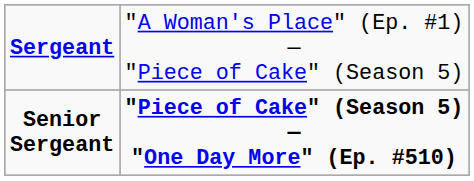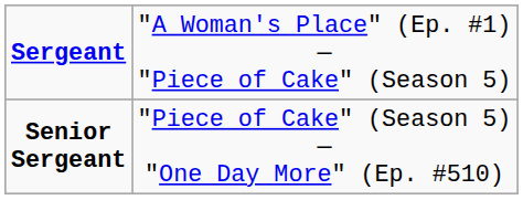 <table class="wikitable" style="text-align:center">
 <tr>
 <td><strong><a href='#'>Sergeant</a></strong><br></td>
 <td>"<a href='#'>A Woman's Place</a>" (Ep. #1)<br> — <br>"<a href='#'>Piece of Cake</a>" (Season 5)</td>
 </tr>
 <tr>
 <td><strong>Senior<br>Sergeant</strong><br></td>
-<td><strong>"<a href='#'>Piece of Cake</a>" (Season 5)<br> — <br>"<a href='#'>One Day More</a>" (Ep. #510)</strong></td>
+<td>"<a href='#'>Piece of Cake</a>" (Season 5)<br> — <br>"<a href='#'>One Day More</a>" (Ep. #510)</td>
 </tr>
 </table>
